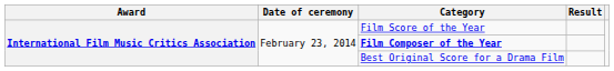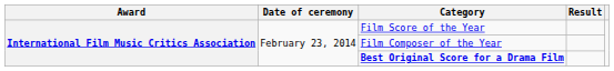 <table class="wikitable plainrowheaders sortable">
 <tr>
 <th scope="col">Award</th>
 <th scope="col">Date of ceremony</th>
 <th scope="col">Category</th>
 <th scope="col">Result</th>
 <th scope="col" class="unsortable"></th>
 </tr>
 <tr>
 <th scope="row" rowspan="3"><a href='#'>International Film Music Critics Association</a></th>
 <td rowspan="3">February 23, 2014</td>
 <td><a href='#'>Film Score of the Year</a></td>
 <td></td>
 <td align="center" rowspan="3"><br><br></td>
 </tr>
 <tr>
-<td><strong><a href='#'>Film Composer of the Year</a></strong></td>
+<td><a href='#'>Film Composer of the Year</a></td>
 <td></td>
 </tr>
 <tr>
-<td><a href='#'>Best Original Score for a Drama Film</a></td>
+<td><strong><a href='#'>Best Original Score for a Drama Film</a></strong></td>
 <td></td>
 </tr>
 </table>
